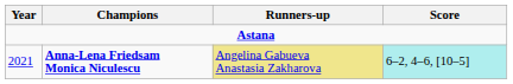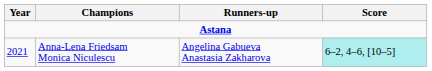 <table class="wikitable">
 <tr>
 <th style="width:40px">Year</th>
 <th style="width:210px">Champions</th>
 <th style="width:210px">Runners-up</th>
 <th style="width:150px" class="unsortable">Score</th>
 </tr>
 <tr>
 <td colspan=5 align=center><strong><a href='#'>Astana</a></strong></td>
 </tr>
 <tr>
 <td><a href='#'>2021</a></td>
-<td><strong> <a href='#'>Anna-Lena Friedsam</a> <br>  <a href='#'>Monica Niculescu</a></strong></td>
-<td style="background: khaki;"> <a href='#'>Angelina Gabueva</a> <br>  <a href='#'>Anastasia Zakharova</a></td>
+<td> <a href='#'>Anna-Lena Friedsam</a> <br>  <a href='#'>Monica Niculescu</a></td>
+<td> <a href='#'>Angelina Gabueva</a> <br>  <a href='#'>Anastasia Zakharova</a></td>
 <td style="background: paleturquoise;">6–2, 4–6, [10–5]</td>
 </tr>
 </table>
